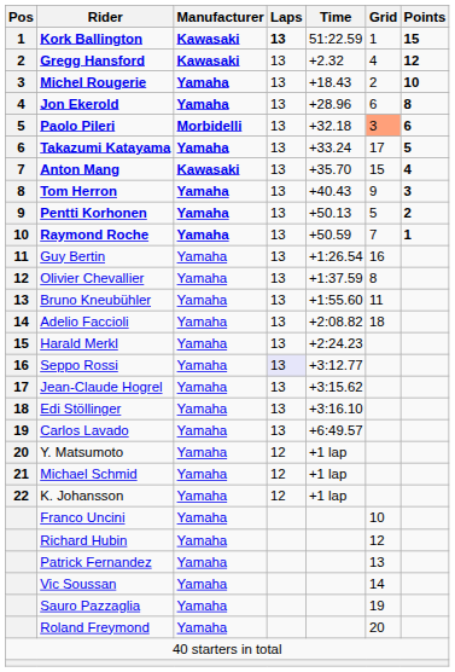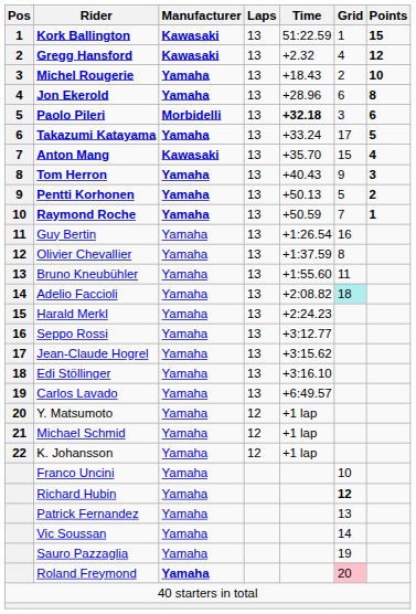 <table class="wikitable" style="font-size: 95%;">
 <tr>
 <th>Pos</th>
 <th>Rider</th>
 <th>Manufacturer</th>
 <th>Laps</th>
 <th>Time</th>
 <th>Grid</th>
 <th>Points</th>
 </tr>
 <tr>
 <th>1</th>
 <td> <strong><a href='#'>Kork Ballington</a></strong></td>
 <td><strong><a href='#'>Kawasaki</a></strong></td>
-<td><strong>13</strong></td>
+<td>13</td>
 <td>51:22.59</td>
 <td>1</td>
 <td><strong>15</strong></td>
 </tr>
 <tr>
 <th>2</th>
 <td> <strong><a href='#'>Gregg Hansford</a></strong></td>
 <td><strong><a href='#'>Kawasaki</a></strong></td>
 <td>13</td>
 <td>+2.32</td>
 <td>4</td>
 <td><strong>12</strong></td>
 </tr>
 <tr>
 <th>3</th>
 <td> <strong><a href='#'>Michel Rougerie</a></strong></td>
 <td><strong><a href='#'>Yamaha</a></strong></td>
 <td>13</td>
 <td>+18.43</td>
 <td>2</td>
 <td><strong>10</strong></td>
 </tr>
 <tr>
 <th>4</th>
 <td> <strong><a href='#'>Jon Ekerold</a></strong></td>
 <td><strong><a href='#'>Yamaha</a></strong></td>
 <td>13</td>
 <td>+28.96</td>
 <td>6</td>
 <td><strong>8</strong></td>
 </tr>
 <tr>
 <th>5</th>
 <td> <strong><a href='#'>Paolo Pileri</a></strong></td>
 <td><strong><a href='#'>Morbidelli</a></strong></td>
 <td>13</td>
-<td>+32.18</td>
-<td style="background: lightsalmon;">3</td>
+<td><strong>+32.18</strong></td>
+<td>3</td>
 <td><strong>6</strong></td>
 </tr>
 <tr>
 <th>6</th>
 <td> <strong><a href='#'>Takazumi Katayama</a></strong></td>
 <td><strong><a href='#'>Yamaha</a></strong></td>
 <td>13</td>
 <td>+33.24</td>
 <td>17</td>
 <td><strong>5</strong></td>
 </tr>
 <tr>
 <th>7</th>
 <td> <strong><a href='#'>Anton Mang</a></strong></td>
 <td><strong><a href='#'>Kawasaki</a></strong></td>
 <td>13</td>
 <td>+35.70</td>
 <td>15</td>
 <td><strong>4</strong></td>
 </tr>
 <tr>
 <th>8</th>
 <td> <strong><a href='#'>Tom Herron</a></strong></td>
 <td><strong><a href='#'>Yamaha</a></strong></td>
 <td>13</td>
 <td>+40.43</td>
 <td>9</td>
 <td><strong>3</strong></td>
 </tr>
 <tr>
 <th>9</th>
 <td> <strong><a href='#'>Pentti Korhonen</a></strong></td>
 <td><strong><a href='#'>Yamaha</a></strong></td>
 <td>13</td>
 <td>+50.13</td>
 <td>5</td>
 <td><strong>2</strong></td>
 </tr>
 <tr>
 <th>10</th>
 <td> <strong><a href='#'>Raymond Roche</a></strong></td>
 <td><strong><a href='#'>Yamaha</a></strong></td>
 <td>13</td>
 <td>+50.59</td>
 <td>7</td>
 <td><strong>1</strong></td>
 </tr>
 <tr>
 <th>11</th>
 <td> <a href='#'>Guy Bertin</a></td>
 <td><a href='#'>Yamaha</a></td>
 <td>13</td>
 <td>+1:26.54</td>
 <td>16</td>
 <td></td>
 </tr>
 <tr>
 <th>12</th>
 <td> <a href='#'>Olivier Chevallier</a></td>
 <td><a href='#'>Yamaha</a></td>
 <td>13</td>
 <td>+1:37.59</td>
 <td>8</td>
 <td></td>
 </tr>
 <tr>
 <th>13</th>
 <td> <a href='#'>Bruno Kneubühler</a></td>
 <td><a href='#'>Yamaha</a></td>
 <td>13</td>
 <td>+1:55.60</td>
 <td>11</td>
 <td></td>
 </tr>
 <tr>
 <th>14</th>
 <td> <a href='#'>Adelio Faccioli</a></td>
 <td><a href='#'>Yamaha</a></td>
 <td>13</td>
 <td>+2:08.82</td>
-<td>18</td>
+<td style="background: paleturquoise;">18</td>
 <td></td>
 </tr>
 <tr>
 <th>15</th>
 <td> <a href='#'>Harald Merkl</a></td>
 <td><a href='#'>Yamaha</a></td>
 <td>13</td>
 <td>+2:24.23</td>
 <td></td>
 <td></td>
 </tr>
 <tr>
 <th>16</th>
 <td> <a href='#'>Seppo Rossi</a></td>
 <td><a href='#'>Yamaha</a></td>
-<td style="background: lavender;">13</td>
+<td>13</td>
 <td>+3:12.77</td>
 <td></td>
 <td></td>
 </tr>
 <tr>
 <th>17</th>
 <td> <a href='#'>Jean-Claude Hogrel</a></td>
 <td><a href='#'>Yamaha</a></td>
 <td>13</td>
 <td>+3:15.62</td>
 <td></td>
 <td></td>
 </tr>
 <tr>
 <th>18</th>
 <td> <a href='#'>Edi Stöllinger</a></td>
 <td><a href='#'>Yamaha</a></td>
 <td>13</td>
 <td>+3:16.10</td>
 <td></td>
 <td></td>
 </tr>
 <tr>
 <th>19</th>
 <td> <a href='#'>Carlos Lavado</a></td>
 <td><a href='#'>Yamaha</a></td>
 <td>13</td>
 <td>+6:49.57</td>
 <td></td>
 <td></td>
 </tr>
 <tr>
 <th>20</th>
 <td> Y. Matsumoto</td>
 <td><a href='#'>Yamaha</a></td>
 <td>12</td>
 <td>+1 lap</td>
 <td></td>
 <td></td>
 </tr>
 <tr>
 <th>21</th>
 <td> <a href='#'>Michael Schmid</a></td>
 <td><a href='#'>Yamaha</a></td>
 <td>12</td>
 <td>+1 lap</td>
 <td></td>
 <td></td>
 </tr>
 <tr>
 <th>22</th>
 <td> K. Johansson</td>
 <td><a href='#'>Yamaha</a></td>
 <td>12</td>
 <td>+1 lap</td>
 <td></td>
 <td></td>
 </tr>
 <tr>
 <th></th>
 <td> <a href='#'>Franco Uncini</a></td>
 <td><a href='#'>Yamaha</a></td>
 <td></td>
 <td></td>
 <td>10</td>
 <td></td>
 </tr>
 <tr>
 <th></th>
 <td> <a href='#'>Richard Hubin</a></td>
 <td><a href='#'>Yamaha</a></td>
 <td></td>
 <td></td>
-<td>12</td>
+<td><strong>12</strong></td>
 <td></td>
 </tr>
 <tr>
 <th></th>
 <td> <a href='#'>Patrick Fernandez</a></td>
 <td><a href='#'>Yamaha</a></td>
 <td></td>
 <td></td>
 <td>13</td>
 <td></td>
 </tr>
 <tr>
 <th></th>
 <td> <a href='#'>Vic Soussan</a></td>
 <td><a href='#'>Yamaha</a></td>
 <td></td>
 <td></td>
 <td>14</td>
 <td></td>
 </tr>
 <tr>
 <th></th>
 <td> <a href='#'>Sauro Pazzaglia</a></td>
 <td><a href='#'>Yamaha</a></td>
 <td></td>
 <td></td>
 <td>19</td>
 <td></td>
 </tr>
 <tr>
 <th></th>
 <td> <a href='#'>Roland Freymond</a></td>
-<td><a href='#'>Yamaha</a></td>
+<td><strong><a href='#'>Yamaha</a></strong></td>
 <td></td>
 <td></td>
-<td>20</td>
+<td style="background: pink;">20</td>
 <td></td>
 </tr>
 <tr>
 <td colspan=7 align=center>40 starters in total</td>
 </tr>
 <tr>
 <th colspan=7></th>
 </tr>
 </table>
